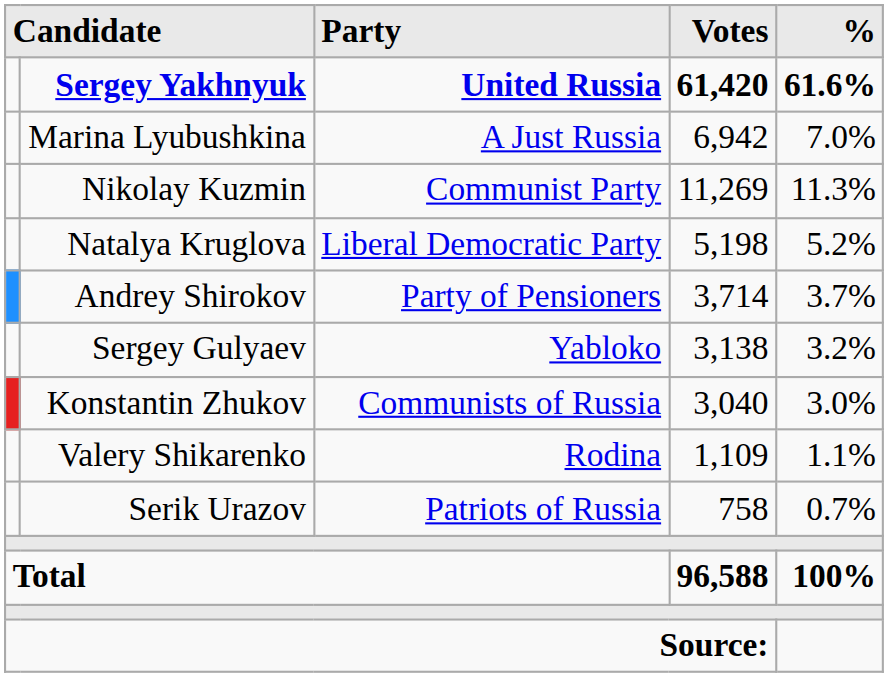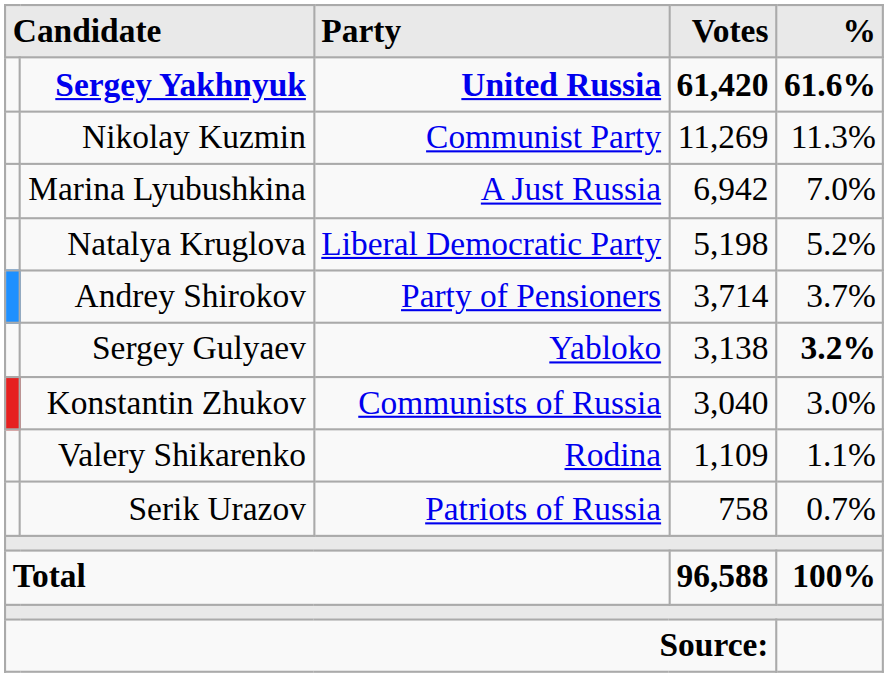 <table class=wikitable style=text-align:right>
 <tr>
 <th colspan=2 style="background-color:#E9E9E9;text-align:left;vertical-align:top;">Candidate</th>
 <th style="background-color:#E9E9E9;text-align:left;vertical-align:top;">Party</th>
 <th style="background-color:#E9E9E9;text-align:right;">Votes</th>
 <th style="background-color:#E9E9E9;text-align:right;">%</th>
 </tr>
 <tr>
 <td style="background-color: "></td>
 <td><strong><a href='#'>Sergey Yakhnyuk</a></strong></td>
 <td><strong><a href='#'>United Russia</a></strong></td>
 <td><strong>61,420</strong></td>
 <td><strong>61.6%</strong></td>
 </tr>
 <tr>
 <td style="background-color: "></td>
+<td>Nikolay Kuzmin</td>
+<td><a href='#'>Communist Party</a></td>
+<td>11,269</td>
+<td>11.3%</td>
+</tr>
+<tr>
+<td style="background-color: "></td>
 <td>Marina Lyubushkina</td>
 <td><a href='#'>A Just Russia</a></td>
 <td>6,942</td>
 <td>7.0%</td>
-</tr>
-<tr>
-<td style="background-color: "></td>
-<td>Nikolay Kuzmin</td>
-<td><a href='#'>Communist Party</a></td>
-<td>11,269</td>
-<td>11.3%</td>
 </tr>
 <tr>
 <td style="background-color: "></td>
 <td>Natalya Kruglova</td>
 <td><a href='#'>Liberal Democratic Party</a></td>
 <td>5,198</td>
 <td>5.2%</td>
 </tr>
 <tr>
 <td style="background: #1E90FF;"></td>
 <td>Andrey Shirokov</td>
 <td><a href='#'>Party of Pensioners</a></td>
 <td>3,714</td>
 <td>3.7%</td>
 </tr>
 <tr>
 <td style="background-color: "></td>
 <td>Sergey Gulyaev</td>
 <td><a href='#'>Yabloko</a></td>
 <td>3,138</td>
-<td>3.2%</td>
+<td><strong>3.2%</strong></td>
 </tr>
 <tr>
 <td style="background: #E62020;"></td>
 <td>Konstantin Zhukov</td>
 <td><a href='#'>Communists of Russia</a></td>
 <td>3,040</td>
 <td>3.0%</td>
 </tr>
 <tr>
 <td style="background-color: "></td>
 <td>Valery Shikarenko</td>
 <td><a href='#'>Rodina</a></td>
 <td>1,109</td>
 <td>1.1%</td>
 </tr>
 <tr>
 <td style="background-color: "></td>
 <td>Serik Urazov</td>
 <td><a href='#'>Patriots of Russia</a></td>
 <td>758</td>
 <td>0.7%</td>
 </tr>
 <tr>
 <td colspan="5" style="background-color:#E9E9E9;"></td>
 </tr>
 <tr style="font-weight:bold">
 <td colspan="3" style="text-align:left;">Total</td>
 <td>96,588</td>
 <td>100%</td>
 </tr>
 <tr>
 <td colspan="5" style="background-color:#E9E9E9;"></td>
 </tr>
 <tr style="font-weight:bold">
 <td colspan="4">Source:</td>
 <td></td>
 </tr>
 </table>
